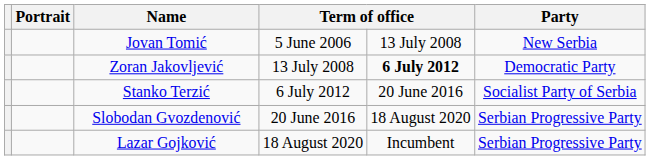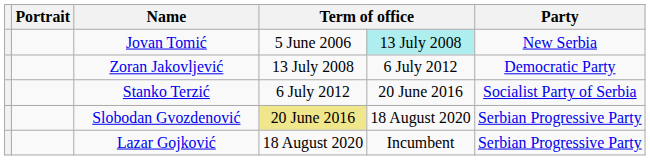 <table class="wikitable" style="text-align:center">
 <tr>
 <th></th>
 <th>Portrait</th>
 <th width=180>Name<br></th>
 <th colspan=2>Term of office</th>
 <th>Party</th>
 </tr>
 <tr>
 <th style="background:"></th>
 <td></td>
 <td><a href='#'>Jovan Tomić</a><br></td>
 <td>5 June 2006</td>
-<td>13 July 2008</td>
+<td style="background: paleturquoise;">13 July 2008</td>
 <td><a href='#'>New Serbia</a></td>
 </tr>
 <tr>
 <th style="background:"></th>
 <td></td>
 <td><a href='#'>Zoran Jakovljević</a><br></td>
 <td>13 July 2008</td>
-<td><strong>6 July 2012</strong></td>
+<td>6 July 2012</td>
 <td><a href='#'>Democratic Party</a></td>
 </tr>
 <tr>
 <th style="background:"></th>
 <td></td>
 <td><a href='#'>Stanko Terzić</a><br></td>
 <td>6 July 2012</td>
 <td>20 June 2016</td>
 <td><a href='#'>Socialist Party of Serbia</a></td>
 </tr>
 <tr>
 <th style="background:"></th>
 <td></td>
 <td><a href='#'>Slobodan Gvozdenović</a><br></td>
-<td>20 June 2016</td>
+<td style="background: khaki;">20 June 2016</td>
 <td>18 August 2020</td>
 <td><a href='#'>Serbian Progressive Party</a></td>
 </tr>
 <tr>
 <th style="background:"></th>
 <td></td>
 <td><a href='#'>Lazar Gojković</a><br></td>
 <td>18 August 2020</td>
 <td>Incumbent</td>
 <td><a href='#'>Serbian Progressive Party</a></td>
 </tr>
 </table>
